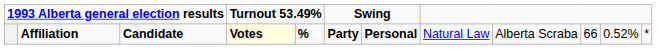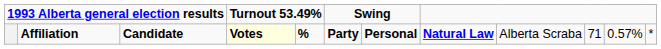 <table class="wikitable">
 <tr>
 <td colspan="3" align=center><strong><a href='#'>1993 Alberta general election</a> results</strong></td>
 <td colspan="2"><strong>Turnout 53.49%</strong></td>
 <td colspan="2" align=center><strong>Swing</strong></td>
 </tr>
 <tr>
 <th style="width: 10px;"></th>
 <td><strong>Affiliation</strong></td>
 <td><strong>Candidate</strong></td>
 <td style="background: lightyellow;"><strong>Votes</strong></td>
 <td><strong>%</strong></td>
 <td><strong>Party</strong></td>
 <td><strong>Personal</strong><br>     </td>
-<td><a href='#'>Natural Law</a></td>
+<td><strong><a href='#'>Natural Law</a></strong></td>
 <td>Alberta Scraba</td>
-<td>66</td>
-<td>0.52%</td>
+<td>71</td>
+<td>0.57%</td>
 <td colspan=2 align=center>*<br>   </td>
 </tr>
 </table>
